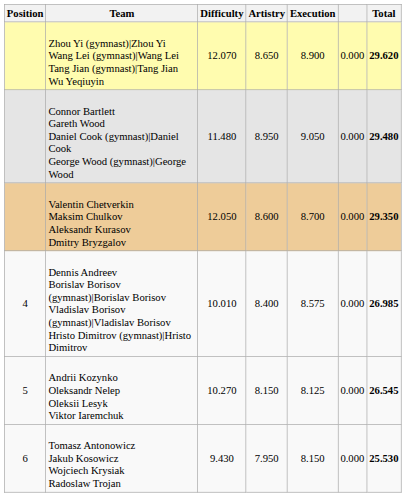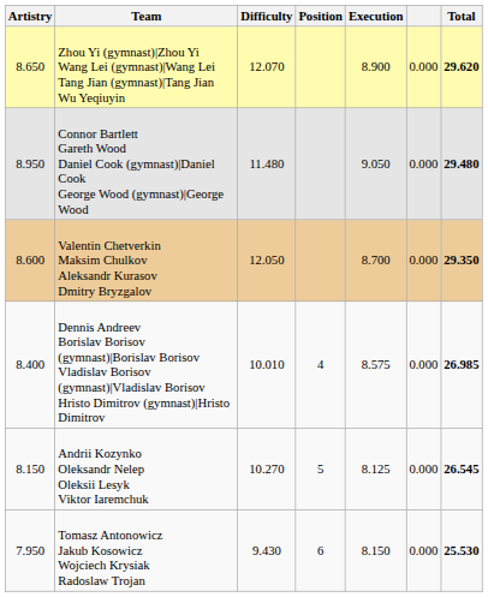 <table class="wikitable sortable" style="text-align:center; font-size:95%">
 <tr>
-<th scope=col>Position</th>
+<th scope=col>Artistry</th>
 <th scope="col" style="width:210px;">Team</th>
 <th scope=col>Difficulty</th>
-<th scope=col>Artistry</th>
+<th scope=col>Position</th>
 <th scope=col>Execution</th>
 <th scope=col></th>
 <th scope=col;>Total</th>
 </tr>
 <tr style="background:#fffcaf;">
-<td rowspan=1></td>
+<td>8.650</td>
 <td style="text-align:left;"><br>Zhou Yi (gymnast)|Zhou Yi<br>Wang Lei (gymnast)|Wang Lei<br>Tang Jian (gymnast)|Tang Jian<br>Wu Yeqiuyin</td>
 <td>12.070</td>
-<td>8.650</td>
+<td rowspan=1></td>
 <td>8.900</td>
 <td>0.000</td>
 <td><strong>29.620</strong></td>
 </tr>
 <tr style="background:#e5e5e5;">
-<td rowspan=1></td>
+<td>8.950</td>
 <td style="text-align:left;"><br>Connor Bartlett<br>Gareth Wood<br>Daniel Cook (gymnast)|Daniel Cook<br>George Wood (gymnast)|George Wood</td>
 <td>11.480</td>
-<td>8.950</td>
+<td rowspan=1></td>
 <td>9.050</td>
 <td>0.000</td>
 <td><strong>29.480</strong></td>
 </tr>
 <tr style="background:#ec9;">
-<td rowspan=1></td>
+<td>8.600</td>
 <td style="text-align:left;"><br>Valentin Chetverkin<br>Maksim Chulkov<br>Aleksandr Kurasov<br>Dmitry Bryzgalov</td>
 <td>12.050</td>
-<td>8.600</td>
+<td rowspan=1></td>
 <td>8.700</td>
 <td>0.000</td>
 <td><strong>29.350</strong></td>
 </tr>
 <tr>
-<td scope=row style="text-align:center">4</td>
+<td>8.400</td>
 <td style="text-align:left;"><br>Dennis Andreev<br>Borislav Borisov (gymnast)|Borislav Borisov<br>Vladislav Borisov (gymnast)|Vladislav Borisov<br>Hristo Dimitrov (gymnast)|Hristo Dimitrov</td>
 <td>10.010</td>
-<td>8.400</td>
+<td scope=row style="text-align:center">4</td>
 <td>8.575</td>
 <td>0.000</td>
 <td><strong>26.985</strong></td>
 </tr>
 <tr>
-<td scope=row style="text-align:center">5</td>
+<td>8.150</td>
 <td style="text-align:left;"><br>Andrii Kozynko<br>Oleksandr Nelep<br>Oleksii Lesyk<br>Viktor Iaremchuk</td>
 <td>10.270</td>
-<td>8.150</td>
+<td scope=row style="text-align:center">5</td>
 <td>8.125</td>
 <td>0.000</td>
 <td><strong>26.545</strong></td>
 </tr>
 <tr>
-<td scope=row style="text-align:center">6</td>
+<td>7.950</td>
 <td style="text-align:left;"><br>Tomasz Antonowicz<br>Jakub Kosowicz<br>Wojciech Krysiak<br>Radoslaw Trojan</td>
 <td>9.430</td>
-<td>7.950</td>
+<td scope=row style="text-align:center">6</td>
 <td>8.150</td>
 <td>0.000</td>
 <td><strong>25.530</strong></td>
 </tr>
 </table>
